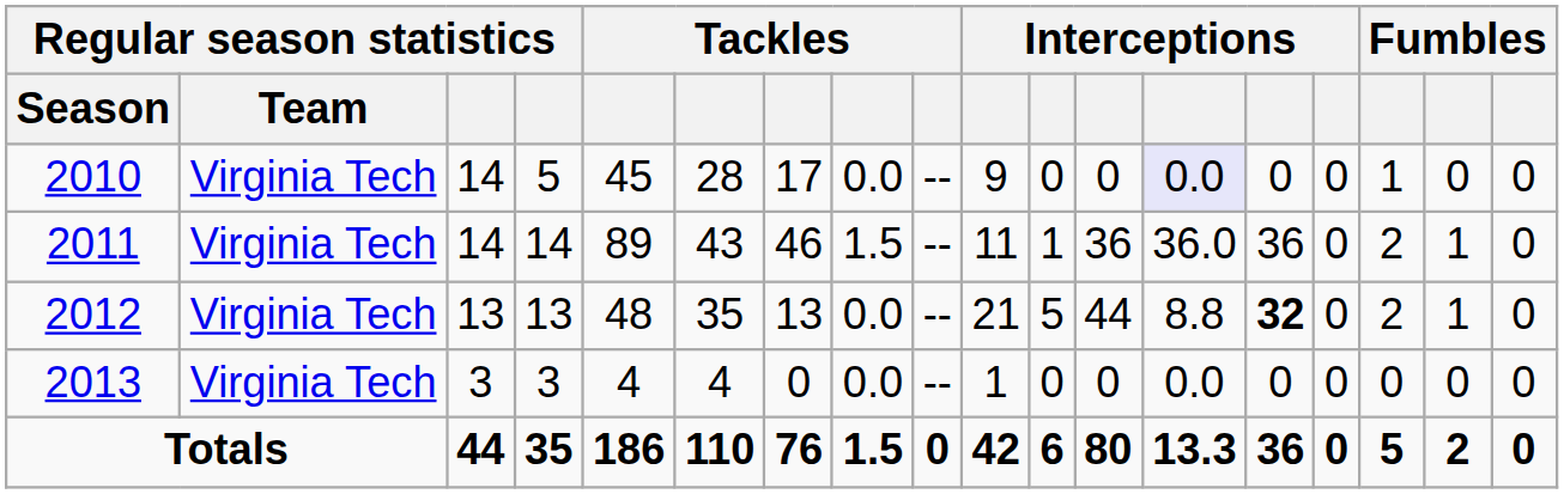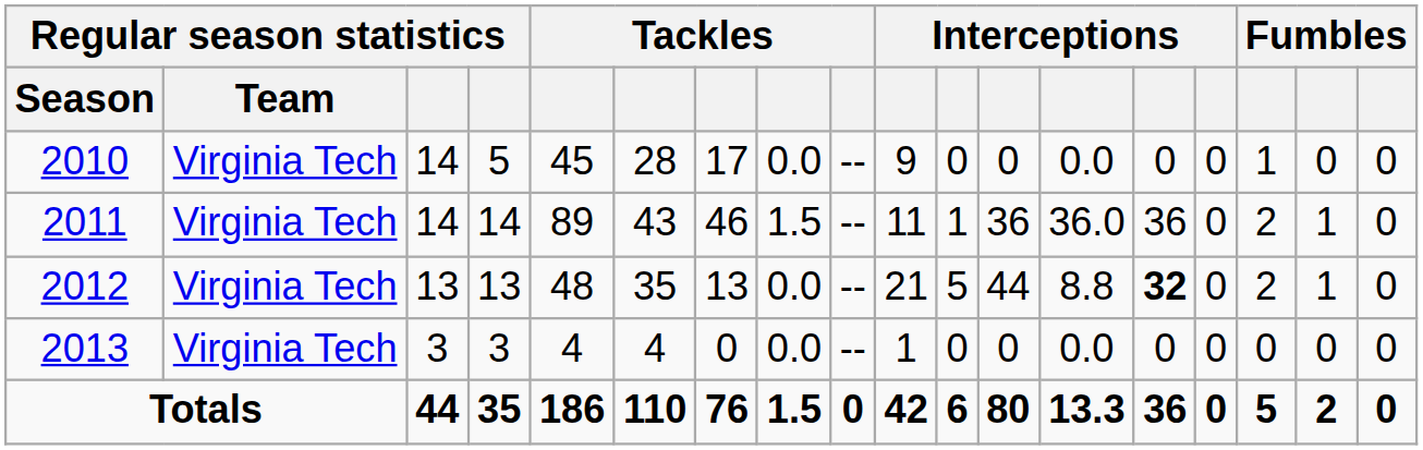 <table class="wikitable" style="text-align:center;">
 <tr>
 <th colspan="4">Regular season statistics</th>
 <th colspan="5">Tackles</th>
 <th colspan="6">Interceptions</th>
 <th colspan="3">Fumbles</th>
 </tr>
 <tr>
 <th>Season</th>
 <th>Team</th>
 <th></th>
 <th></th>
 <th></th>
 <th></th>
 <th></th>
 <th></th>
 <th></th>
 <th></th>
 <th></th>
 <th></th>
 <th></th>
 <th></th>
 <th></th>
 <th></th>
 <th></th>
 <th></th>
 </tr>
 <tr>
 <td><a href='#'>2010</a></td>
 <td><a href='#'>Virginia Tech</a></td>
 <td>14</td>
 <td>5</td>
 <td>45</td>
 <td>28</td>
 <td>17</td>
 <td>0.0</td>
 <td>--</td>
 <td>9</td>
 <td>0</td>
 <td>0</td>
-<td style="background: lavender;">0.0</td>
+<td>0.0</td>
 <td>0</td>
 <td>0</td>
 <td>1</td>
 <td>0</td>
 <td>0</td>
 </tr>
 <tr>
 <td><a href='#'>2011</a></td>
 <td><a href='#'>Virginia Tech</a></td>
 <td>14</td>
 <td>14</td>
 <td>89</td>
 <td>43</td>
 <td>46</td>
 <td>1.5</td>
 <td>--</td>
 <td>11</td>
 <td>1</td>
 <td>36</td>
 <td>36.0</td>
 <td>36</td>
 <td>0</td>
 <td>2</td>
 <td>1</td>
 <td>0</td>
 </tr>
 <tr>
 <td><a href='#'>2012</a></td>
 <td><a href='#'>Virginia Tech</a></td>
 <td>13</td>
 <td>13</td>
 <td>48</td>
 <td>35</td>
 <td>13</td>
 <td>0.0</td>
 <td>--</td>
 <td>21</td>
 <td>5</td>
 <td>44</td>
 <td>8.8</td>
 <td><strong>32</strong></td>
 <td>0</td>
 <td>2</td>
 <td>1</td>
 <td>0</td>
 </tr>
 <tr>
 <td><a href='#'>2013</a></td>
 <td><a href='#'>Virginia Tech</a></td>
 <td>3</td>
 <td>3</td>
 <td>4</td>
 <td>4</td>
 <td>0</td>
 <td>0.0</td>
 <td>--</td>
 <td>1</td>
 <td>0</td>
 <td>0</td>
 <td>0.0</td>
 <td>0</td>
 <td>0</td>
 <td>0</td>
 <td>0</td>
 <td>0</td>
 </tr>
 <tr>
 <td colspan="2"><strong>Totals</strong></td>
 <td><strong>44</strong></td>
 <td><strong>35</strong></td>
 <td><strong>186</strong></td>
 <td><strong>110</strong></td>
 <td><strong>76</strong></td>
 <td><strong>1.5</strong></td>
 <td><strong>0</strong></td>
 <td><strong>42</strong></td>
 <td><strong>6</strong></td>
 <td><strong>80</strong></td>
 <td><strong>13.3</strong></td>
 <td><strong>36</strong></td>
 <td><strong>0</strong></td>
 <td><strong>5</strong></td>
 <td><strong>2</strong></td>
 <td><strong>0</strong></td>
 </tr>
 </table>
